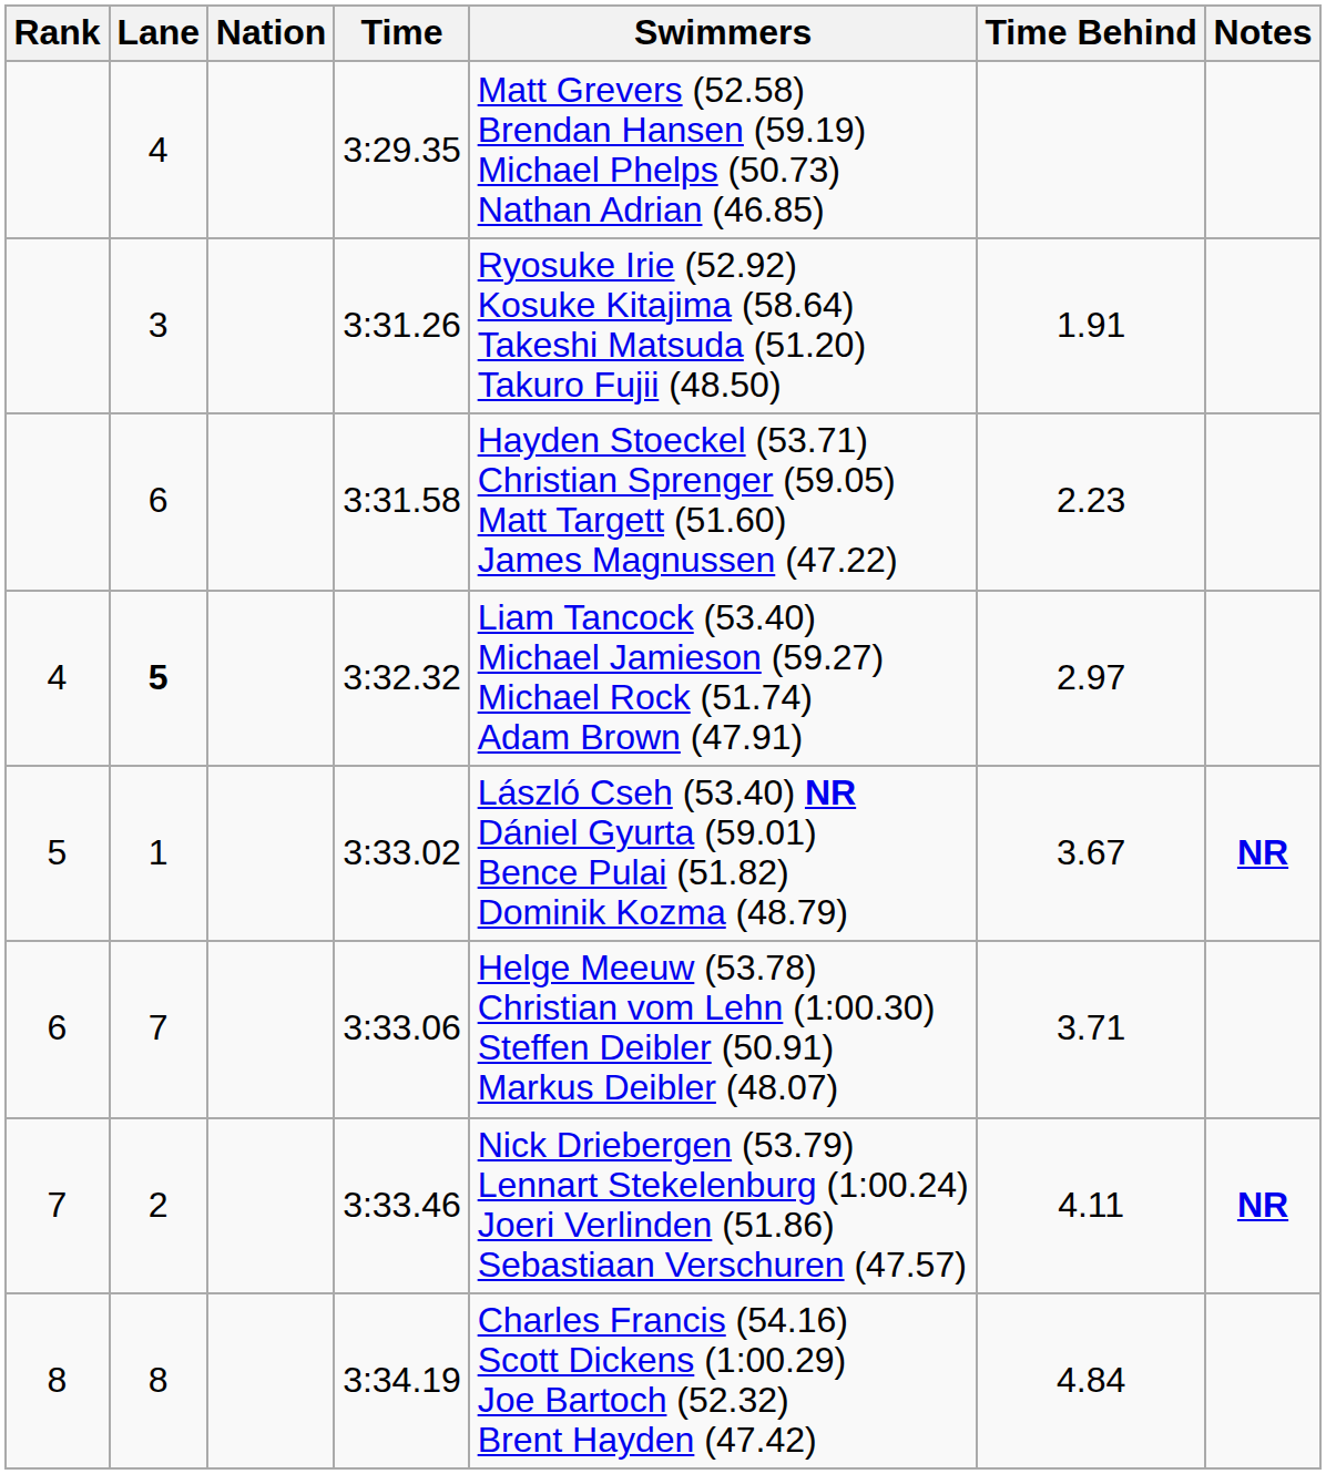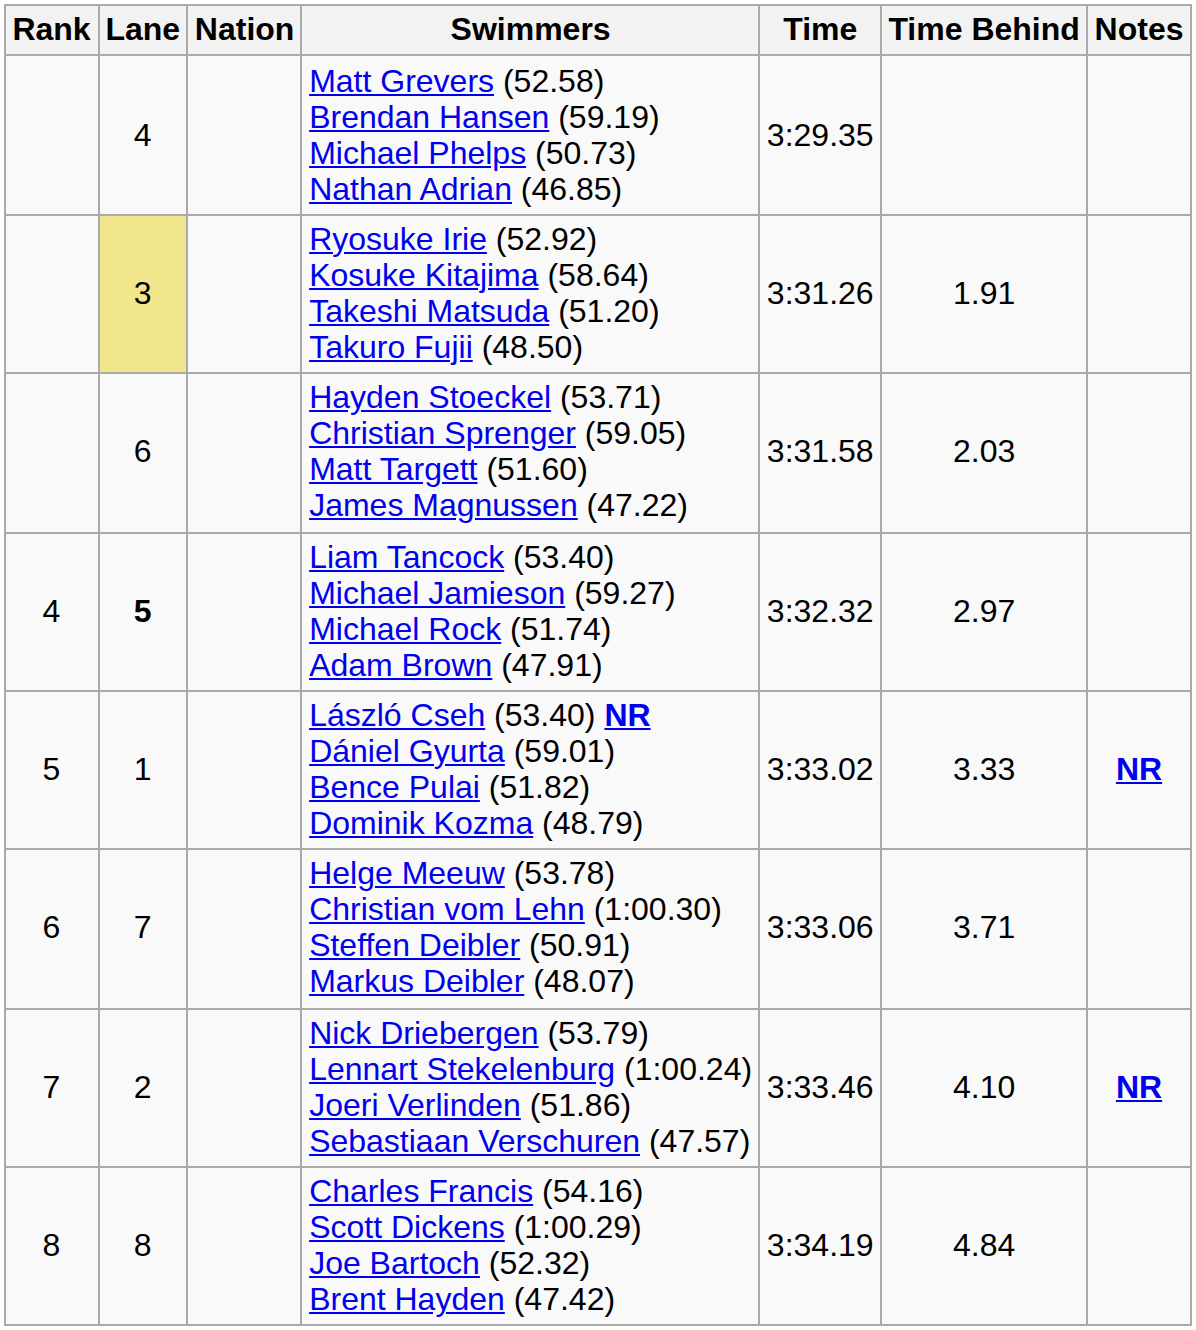 <table class="wikitable sortable" style="text-align:center">
 <tr>
 <th>Rank</th>
 <th>Lane</th>
 <th>Nation</th>
+<th>Swimmers</th>
 <th>Time</th>
-<th>Swimmers</th>
 <th>Time Behind</th>
 <th>Notes</th>
 </tr>
 <tr>
 <td></td>
 <td>4</td>
 <td align=left></td>
+<td align=left><a href='#'>Matt Grevers</a> (52.58)<br><a href='#'>Brendan Hansen</a> (59.19)<br><a href='#'>Michael Phelps</a> (50.73)<br><a href='#'>Nathan Adrian</a> (46.85)</td>
 <td>3:29.35</td>
-<td align=left><a href='#'>Matt Grevers</a> (52.58)<br><a href='#'>Brendan Hansen</a> (59.19)<br><a href='#'>Michael Phelps</a> (50.73)<br><a href='#'>Nathan Adrian</a> (46.85)</td>
 <td></td>
 <td></td>
 </tr>
 <tr>
 <td></td>
-<td>3</td>
+<td style="background: khaki;">3</td>
 <td align=left></td>
+<td align=left><a href='#'>Ryosuke Irie</a> (52.92)<br><a href='#'>Kosuke Kitajima</a> (58.64)<br><a href='#'>Takeshi Matsuda</a> (51.20)<br><a href='#'>Takuro Fujii</a> (48.50)</td>
 <td>3:31.26</td>
-<td align=left><a href='#'>Ryosuke Irie</a> (52.92)<br><a href='#'>Kosuke Kitajima</a> (58.64)<br><a href='#'>Takeshi Matsuda</a> (51.20)<br><a href='#'>Takuro Fujii</a> (48.50)</td>
 <td>1.91</td>
 <td></td>
 </tr>
 <tr>
 <td></td>
 <td>6</td>
 <td align=left></td>
+<td align=left><a href='#'>Hayden Stoeckel</a> (53.71)<br><a href='#'>Christian Sprenger</a> (59.05)<br><a href='#'>Matt Targett</a> (51.60)<br><a href='#'>James Magnussen</a> (47.22)</td>
 <td>3:31.58</td>
-<td align=left><a href='#'>Hayden Stoeckel</a> (53.71)<br><a href='#'>Christian Sprenger</a> (59.05)<br><a href='#'>Matt Targett</a> (51.60)<br><a href='#'>James Magnussen</a> (47.22)</td>
-<td>2.23</td>
+<td>2.03</td>
 <td></td>
 </tr>
 <tr>
 <td>4</td>
 <td><strong>5</strong></td>
 <td align=left></td>
+<td align=left><a href='#'>Liam Tancock</a> (53.40)<br><a href='#'>Michael Jamieson</a> (59.27)<br><a href='#'>Michael Rock</a> (51.74)<br><a href='#'>Adam Brown</a> (47.91)</td>
 <td>3:32.32</td>
-<td align=left><a href='#'>Liam Tancock</a> (53.40)<br><a href='#'>Michael Jamieson</a> (59.27)<br><a href='#'>Michael Rock</a> (51.74)<br><a href='#'>Adam Brown</a> (47.91)</td>
 <td>2.97</td>
 <td></td>
 </tr>
 <tr>
 <td>5</td>
 <td>1</td>
 <td align=left></td>
+<td align=left><a href='#'>László Cseh</a> (53.40) <strong><a href='#'>NR</a></strong><br><a href='#'>Dániel Gyurta</a> (59.01)<br><a href='#'>Bence Pulai</a> (51.82)<br><a href='#'>Dominik Kozma</a> (48.79)</td>
 <td>3:33.02</td>
-<td align=left><a href='#'>László Cseh</a> (53.40) <strong><a href='#'>NR</a></strong><br><a href='#'>Dániel Gyurta</a> (59.01)<br><a href='#'>Bence Pulai</a> (51.82)<br><a href='#'>Dominik Kozma</a> (48.79)</td>
-<td>3.67</td>
+<td>3.33</td>
 <td><strong><a href='#'>NR</a></strong></td>
 </tr>
 <tr>
 <td>6</td>
 <td>7</td>
 <td align=left></td>
+<td align=left><a href='#'>Helge Meeuw</a> (53.78)<br><a href='#'>Christian vom Lehn</a> (1:00.30)<br><a href='#'>Steffen Deibler</a> (50.91)<br><a href='#'>Markus Deibler</a> (48.07)</td>
 <td>3:33.06</td>
-<td align=left><a href='#'>Helge Meeuw</a> (53.78)<br><a href='#'>Christian vom Lehn</a> (1:00.30)<br><a href='#'>Steffen Deibler</a> (50.91)<br><a href='#'>Markus Deibler</a> (48.07)</td>
 <td>3.71</td>
 <td></td>
 </tr>
 <tr>
 <td>7</td>
 <td>2</td>
 <td align=left></td>
+<td align=left><a href='#'>Nick Driebergen</a> (53.79)<br><a href='#'>Lennart Stekelenburg</a> (1:00.24)<br><a href='#'>Joeri Verlinden</a> (51.86)<br><a href='#'>Sebastiaan Verschuren</a> (47.57)</td>
 <td>3:33.46</td>
-<td align=left><a href='#'>Nick Driebergen</a> (53.79)<br><a href='#'>Lennart Stekelenburg</a> (1:00.24)<br><a href='#'>Joeri Verlinden</a> (51.86)<br><a href='#'>Sebastiaan Verschuren</a> (47.57)</td>
-<td>4.11</td>
+<td>4.10</td>
 <td><strong><a href='#'>NR</a></strong></td>
 </tr>
 <tr>
 <td>8</td>
 <td>8</td>
 <td align=left></td>
+<td align=left><a href='#'>Charles Francis</a> (54.16)<br><a href='#'>Scott Dickens</a> (1:00.29)<br><a href='#'>Joe Bartoch</a> (52.32)<br><a href='#'>Brent Hayden</a> (47.42)</td>
 <td>3:34.19</td>
-<td align=left><a href='#'>Charles Francis</a> (54.16)<br><a href='#'>Scott Dickens</a> (1:00.29)<br><a href='#'>Joe Bartoch</a> (52.32)<br><a href='#'>Brent Hayden</a> (47.42)</td>
 <td>4.84</td>
 <td></td>
 </tr>
 </table>
